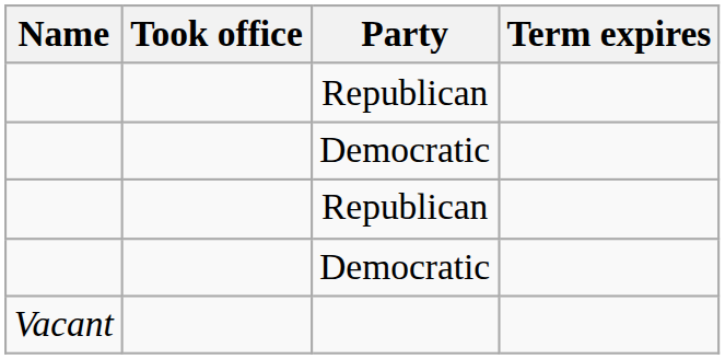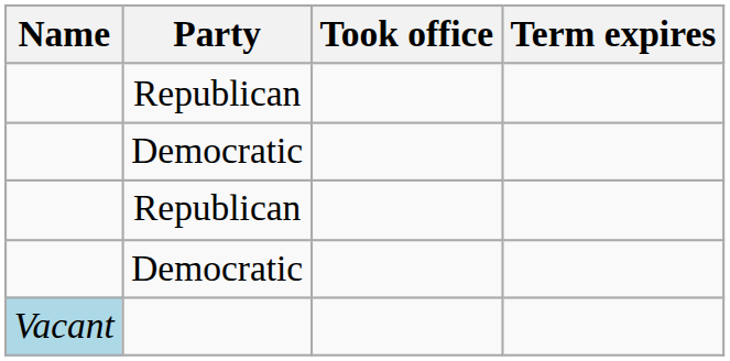 <table class="wikitable sortable" style="text-align:center">
 <tr>
 <th>Name</th>
+<th>Party</th>
 <th>Took office</th>
-<th>Party</th>
 <th>Term expires</th>
 </tr>
 <tr>
 <td> </td>
+<td>Republican</td>
 <td></td>
-<td>Republican</td>
 <td></td>
 </tr>
 <tr>
 <td></td>
+<td>Democratic</td>
 <td></td>
-<td>Democratic</td>
 <td></td>
 </tr>
 <tr>
 <td></td>
+<td>Republican</td>
 <td></td>
-<td>Republican</td>
 <td></td>
 </tr>
 <tr>
 <td></td>
+<td>Democratic</td>
 <td></td>
-<td>Democratic</td>
 <td></td>
 </tr>
 <tr>
-<td><em>Vacant</em></td>
+<td style="background: lightblue;"><em>Vacant</em></td>
 <td></td>
 <td></td>
 <td></td>
 </tr>
 </table>
